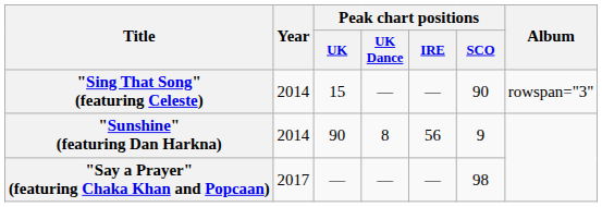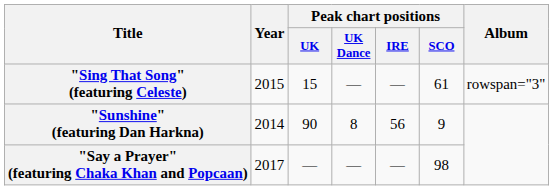 <table class="wikitable plainrowheaders" style="text-align:center;">
 <tr>
 <th scope="col" rowspan="2">Title</th>
 <th scope="col" rowspan="2">Year</th>
 <th scope="col" colspan="4">Peak chart positions</th>
 <th scope="col" rowspan="2">Album</th>
 </tr>
 <tr>
 <th scope="col" style="width:3em;font-size:85%;"><a href='#'>UK</a><br></th>
 <th scope="col" style="width:3em;font-size:85%;"><a href='#'>UK<br>Dance</a></th>
 <th scope="col" style="width:3em;font-size:85%;"><a href='#'>IRE</a></th>
 <th scope="col" style="width:3em;font-size:85%;"><a href='#'>SCO</a><br></th>
 </tr>
 <tr>
 <th scope="row">"<a href='#'>Sing That Song</a>"<br><span>(featuring <a href='#'>Celeste</a>)</span></th>
-<td>2014</td>
+<td>2015</td>
 <td>15</td>
 <td>—</td>
 <td>—</td>
-<td>90</td>
+<td>61</td>
 <td>rowspan="3" </td>
 </tr>
 <tr>
 <th scope="row">"<a href='#'>Sunshine</a>"<br><span>(featuring Dan Harkna)</span></th>
 <td>2014</td>
 <td>90</td>
 <td>8</td>
 <td>56</td>
 <td>9</td>
 </tr>
 <tr>
 <th scope="row">"Say a Prayer"<br><span>(featuring <a href='#'>Chaka Khan</a> and <a href='#'>Popcaan</a>)</span></th>
 <td>2017</td>
 <td>—</td>
 <td>—</td>
 <td>—</td>
 <td>98</td>
 </tr>
 </table>
